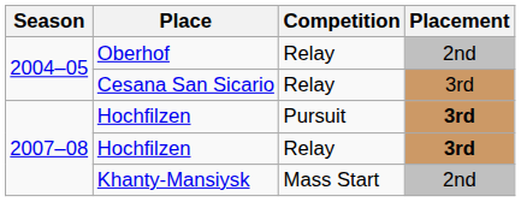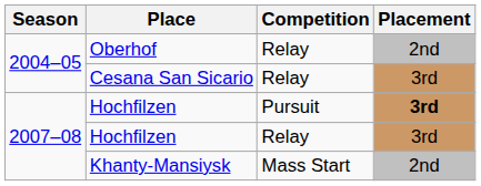 <table class="wikitable sortable">
 <tr>
 <th>Season</th>
 <th>Place</th>
 <th>Competition</th>
 <th>Placement</th>
 </tr>
 <tr>
 <td rowspan=2><a href='#'>2004–05</a></td>
 <td align=left> <a href='#'>Oberhof</a></td>
 <td>Relay</td>
 <td align=center bgcolor="silver">2nd</td>
 </tr>
 <tr>
 <td align=left> <a href='#'>Cesana San Sicario</a></td>
 <td>Relay</td>
 <td align=center bgcolor="cc9966">3rd</td>
 </tr>
 <tr>
 <td rowspan=3><a href='#'>2007–08</a></td>
 <td align=left> <a href='#'>Hochfilzen</a></td>
 <td>Pursuit</td>
 <td align=center bgcolor="cc9966"><strong>3rd</strong></td>
 </tr>
 <tr>
 <td align=left> <a href='#'>Hochfilzen</a></td>
 <td>Relay</td>
-<td align=center bgcolor="cc9966"><strong>3rd</strong></td>
+<td align=center bgcolor="cc9966">3rd</td>
 </tr>
 <tr>
 <td align=left> <a href='#'>Khanty-Mansiysk</a></td>
 <td>Mass Start</td>
 <td align=center bgcolor="silver">2nd</td>
 </tr>
 </table>
